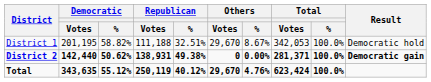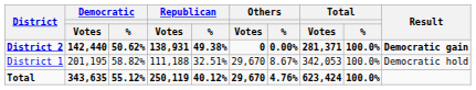 <table class="wikitable plainrowheaders sortable" style="font-size:100%; text-align:right;">
 <tr>
 <th scope=col rowspan=3><a href='#'>District</a></th>
 <th scope=col colspan=2><a href='#'>Democratic</a></th>
 <th scope=col colspan=2><a href='#'>Republican</a></th>
 <th scope=col colspan=2>Others</th>
 <th scope=col colspan=2>Total</th>
 <th scope=col rowspan=3>Result</th>
 </tr>
 <tr>
 <th scope=col colspan=2 style="background:"></th>
 <th scope=col colspan=2 style="background:"></th>
 <th scope=col colspan=2></th>
 <th scope=col colspan=2></th>
 </tr>
 <tr>
 <th scope=col data-sort-type="number">Votes</th>
 <th scope=col data-sort-type="number">%</th>
 <th scope=col data-sort-type="number">Votes</th>
 <th scope=col data-sort-type="number">%</th>
 <th scope=col data-sort-type="number">Votes</th>
 <th scope=col data-sort-type="number">%</th>
 <th scope=col data-sort-type="number">Votes</th>
 <th scope=col data-sort-type="number">%</th>
 </tr>
 <tr>
+<td align=left><strong><a href='#'>District 2</a></strong></td>
+<td><strong>142,440</strong></td>
+<td><strong>50.62%</strong></td>
+<td><strong>138,931</strong></td>
+<td><strong>49.38%</strong></td>
+<td><strong>0</strong></td>
+<td><strong>0.00%</strong></td>
+<td><strong>281,371</strong></td>
+<td><strong>100.0%</strong></td>
+<td align=left><strong>Democratic gain</strong></td>
+</tr>
+<tr>
 <td align=left><a href='#'>District 1</a></td>
 <td>201,195</td>
 <td>58.82%</td>
 <td>111,188</td>
 <td>32.51%</td>
 <td>29,670</td>
 <td>8.67%</td>
 <td>342,053</td>
 <td>100.0%</td>
 <td align=left>Democratic hold</td>
-</tr>
-<tr>
-<td align=left><strong><a href='#'>District 2</a></strong></td>
-<td><strong>142,440</strong></td>
-<td><strong>50.62%</strong></td>
-<td><strong>138,931</strong></td>
-<td><strong>49.38%</strong></td>
-<td><strong>0</strong></td>
-<td><strong>0.00%</strong></td>
-<td><strong>281,371</strong></td>
-<td><strong>100.0%</strong></td>
-<td align=left><strong>Democratic gain</strong></td>
 </tr>
 <tr class="sortbottom" style="font-weight:bold">
 <td align=left>Total</td>
 <td>343,635</td>
 <td>55.12%</td>
 <td>250,119</td>
 <td>40.12%</td>
 <td>29,670</td>
 <td>4.76%</td>
 <td>623,424</td>
 <td>100.0%</td>
 <td></td>
 </tr>
 </table>
